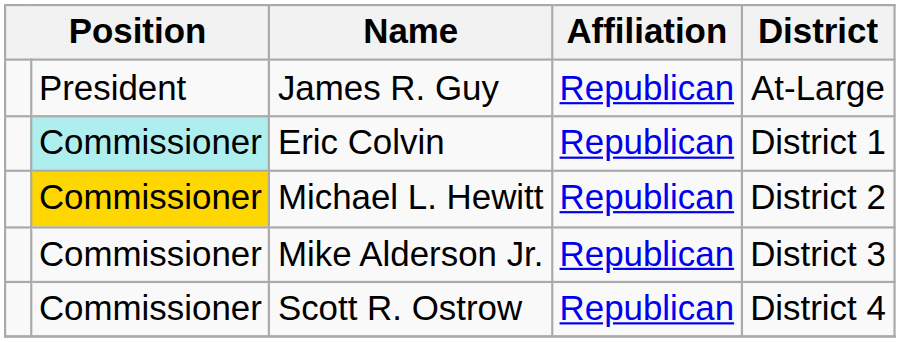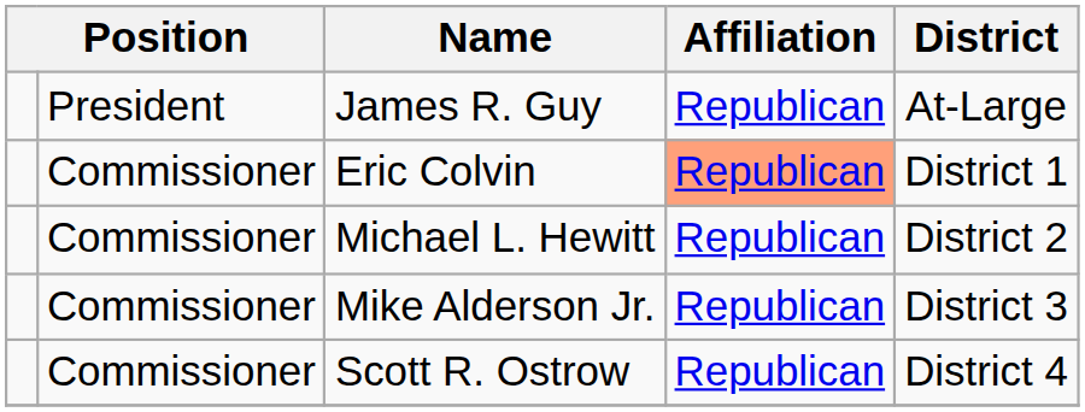 <table class=wikitable>
 <tr>
 <th colspan=2 align=center valign=bottom>Position</th>
 <th style="text-align:center;">Name</th>
 <th valign=bottom>Affiliation</th>
 <th valign=bottom align=center>District</th>
 </tr>
 <tr>
 <td style="background-color:"> </td>
 <td>President</td>
 <td>James R. Guy</td>
 <td style="text-align:center;"><a href='#'>Republican</a></td>
 <td style="text-align:center;">At-Large</td>
 </tr>
 <tr>
 <td style="background-color:"> </td>
-<td style="background: paleturquoise;">Commissioner</td>
+<td>Commissioner</td>
 <td>Eric Colvin</td>
-<td style="text-align:center;"><a href='#'>Republican</a></td>
+<td style="background: lightsalmon; text-align:center;"><a href='#'>Republican</a></td>
 <td style="text-align:center;">District 1</td>
 </tr>
 <tr>
 <td style="background-color:"> </td>
-<td style="background: gold;">Commissioner</td>
+<td>Commissioner</td>
 <td>Michael L. Hewitt</td>
 <td style="text-align:center;"><a href='#'>Republican</a></td>
 <td style="text-align:center;">District 2</td>
 </tr>
 <tr>
 <td style="background-color:"> </td>
 <td>Commissioner</td>
 <td>Mike Alderson Jr.</td>
 <td style="text-align:center;"><a href='#'>Republican</a></td>
 <td style="text-align:center;">District 3</td>
 </tr>
 <tr>
 <td style="background-color:"> </td>
 <td>Commissioner</td>
 <td>Scott R. Ostrow</td>
 <td style="text-align:center;"><a href='#'>Republican</a></td>
 <td style="text-align:center;">District 4</td>
 </tr>
 <tr>
 </tr>
 </table>
